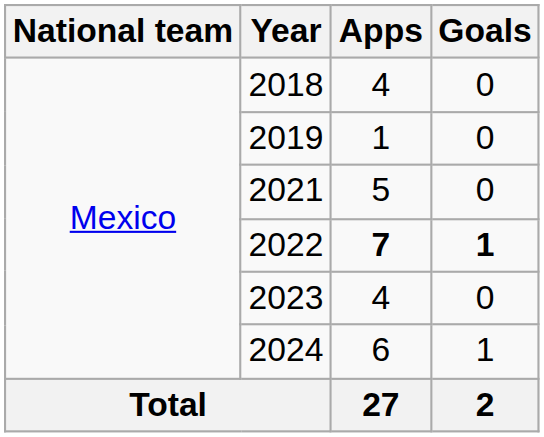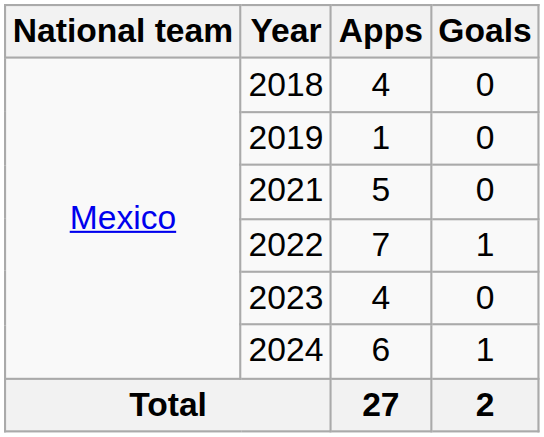 <table class="wikitable" style="text-align:center">
 <tr>
 <th>National team</th>
 <th>Year</th>
 <th>Apps</th>
 <th>Goals</th>
 </tr>
 <tr>
 <td rowspan="6"><a href='#'>Mexico</a></td>
 <td>2018</td>
 <td>4</td>
 <td>0</td>
 </tr>
 <tr>
 <td>2019</td>
 <td>1</td>
 <td>0</td>
 </tr>
 <tr>
 <td>2021</td>
 <td>5</td>
 <td>0</td>
 </tr>
 <tr>
 <td>2022</td>
-<td><strong>7</strong></td>
-<td><strong>1</strong></td>
+<td>7</td>
+<td>1</td>
 </tr>
 <tr>
 <td>2023</td>
 <td>4</td>
 <td>0</td>
 </tr>
 <tr>
 <td>2024</td>
 <td>6</td>
 <td>1</td>
 </tr>
 <tr>
 <th colspan="2">Total</th>
 <th>27</th>
 <th>2</th>
 </tr>
 </table>
